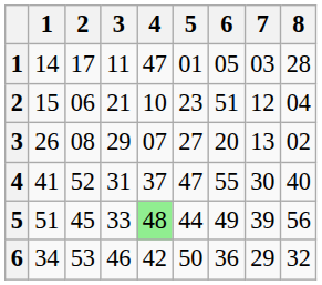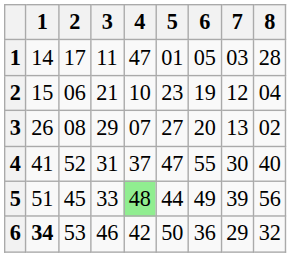 <table class="wikitable">
 <tr>
 <th></th>
 <th>1</th>
 <th>2</th>
 <th>3</th>
 <th>4</th>
 <th>5</th>
 <th>6</th>
 <th>7</th>
 <th>8</th>
 </tr>
 <tr>
 <th>1</th>
 <td>14</td>
 <td>17</td>
 <td>11</td>
 <td>47</td>
 <td>01</td>
 <td>05</td>
 <td>03</td>
 <td>28</td>
 </tr>
 <tr>
 <th>2</th>
 <td>15</td>
 <td>06</td>
 <td>21</td>
 <td>10</td>
 <td>23</td>
-<td>51</td>
+<td>19</td>
 <td>12</td>
 <td>04</td>
 </tr>
 <tr>
 <th>3</th>
 <td>26</td>
 <td>08</td>
 <td>29</td>
 <td>07</td>
 <td>27</td>
 <td>20</td>
 <td>13</td>
 <td>02</td>
 </tr>
 <tr>
 <th>4</th>
 <td>41</td>
 <td>52</td>
 <td>31</td>
 <td>37</td>
 <td>47</td>
 <td>55</td>
 <td>30</td>
 <td>40</td>
 </tr>
 <tr>
 <th>5</th>
 <td>51</td>
 <td>45</td>
 <td>33</td>
 <td style="background: lightgreen;">48</td>
 <td>44</td>
 <td>49</td>
 <td>39</td>
 <td>56</td>
 </tr>
 <tr>
 <th>6</th>
-<td>34</td>
+<td><strong>34</strong></td>
 <td>53</td>
 <td>46</td>
 <td>42</td>
 <td>50</td>
 <td>36</td>
 <td>29</td>
 <td>32</td>
 </tr>
 </table>
